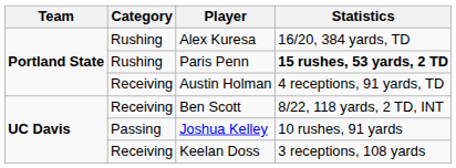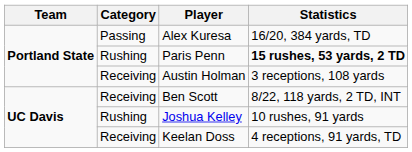 <table class="wikitable" style="float: left;">
 <tr>
 <th>Team</th>
 <th>Category</th>
 <th>Player</th>
 <th>Statistics</th>
 </tr>
 <tr>
 <td rowspan=3><strong>Portland State</strong></td>
-<td>Rushing</td>
+<td>Passing</td>
 <td>Alex Kuresa</td>
 <td>16/20, 384 yards, TD</td>
 </tr>
 <tr>
 <td>Rushing</td>
 <td>Paris Penn</td>
 <td><strong>15 rushes, 53 yards, 2 TD</strong></td>
 </tr>
 <tr>
 <td>Receiving</td>
 <td>Austin Holman</td>
-<td>4 receptions, 91 yards, TD</td>
+<td>3 receptions, 108 yards</td>
 </tr>
 <tr>
 <td rowspan=3><strong>UC Davis</strong></td>
 <td>Receiving</td>
 <td>Ben Scott</td>
 <td>8/22, 118 yards, 2 TD, INT</td>
 </tr>
 <tr>
-<td>Passing</td>
+<td>Rushing</td>
 <td><a href='#'>Joshua Kelley</a></td>
 <td>10 rushes, 91 yards</td>
 </tr>
 <tr>
 <td>Receiving</td>
 <td>Keelan Doss</td>
-<td>3 receptions, 108 yards</td>
+<td>4 receptions, 91 yards, TD</td>
 </tr>
 </table>
